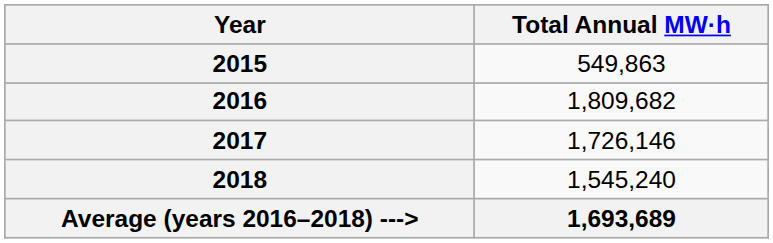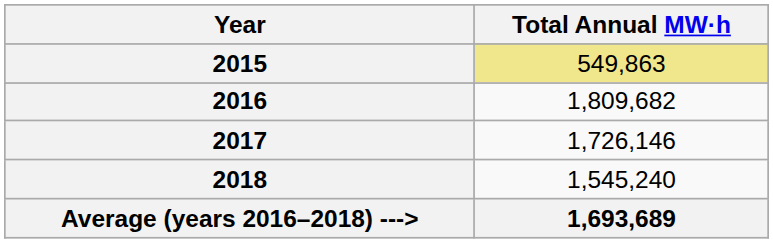 <table class=wikitable style="text-align:center; font-size:0.9em; width:450px;">
 <tr>
 <th>Year</th>
 <th>Total Annual <a href='#'>MW·h</a></th>
 </tr>
 <tr>
 <th>2015</th>
-<td>549,863</td>
+<td style="background: khaki;">549,863</td>
 </tr>
 <tr>
 <th>2016</th>
 <td>1,809,682</td>
 </tr>
 <tr>
 <th>2017</th>
 <td>1,726,146</td>
 </tr>
 <tr>
 <th>2018</th>
 <td>1,545,240</td>
 </tr>
 <tr>
 <th>Average (years 2016–2018) ---></th>
 <th>1,693,689</th>
 </tr>
 </table>
